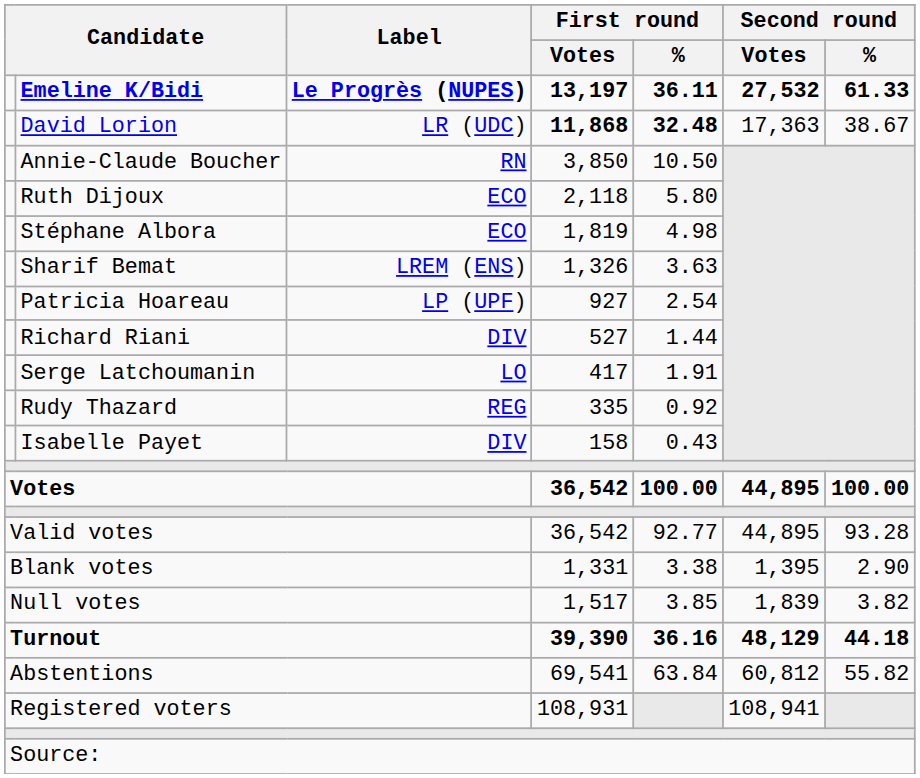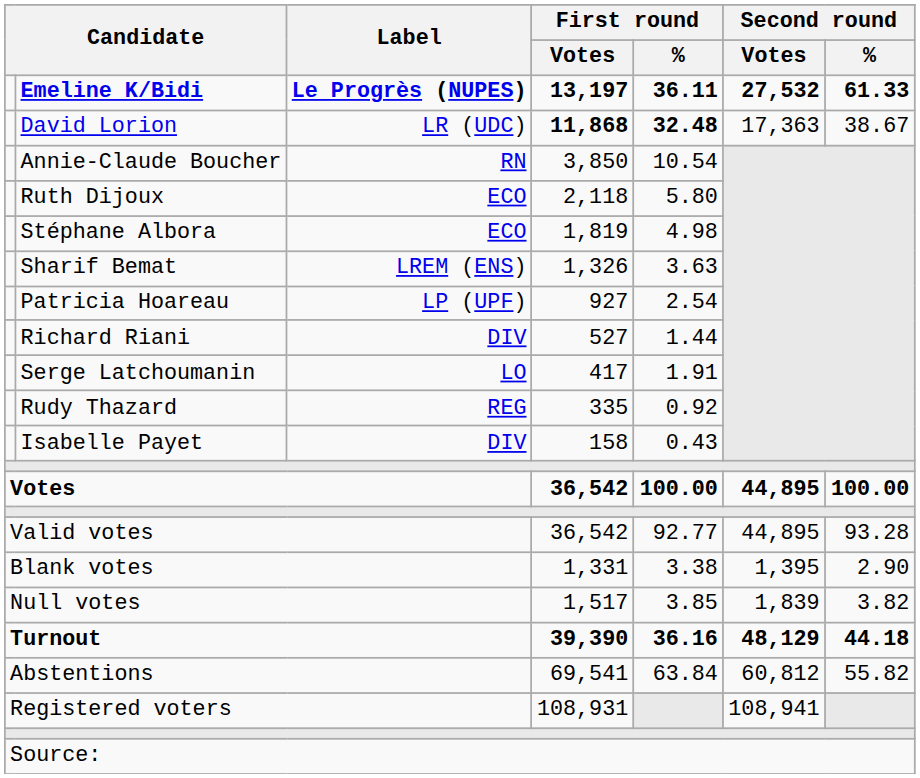 <table class="wikitable" style="text-align:right;font-size:95%;">
 <tr>
 <th rowspan="2" colspan="2">Candidate</th>
 <th rowspan="2">Label</th>
 <th colspan="2">First round</th>
 <th colspan="2">Second round</th>
 </tr>
 <tr>
 <th style="width:50px;">Votes</th>
 <th style="width:45px;">%</th>
 <th style="width:50px;">Votes</th>
 <th style="width:45px;">%</th>
 </tr>
 <tr>
 <td style="color:inherit;background:"></td>
 <td style="text-align:left;"><strong><a href='#'>Emeline K/Bidi</a></strong></td>
 <td><strong><a href='#'>Le Progrès</a> (<a href='#'>NUPES</a>)</strong></td>
 <td><strong>13,197</strong></td>
 <td><strong>36.11</strong></td>
 <td><strong>27,532</strong></td>
 <td><strong>61.33</strong></td>
 </tr>
 <tr>
 <td style="color:inherit;background:"></td>
 <td style="text-align:left;"><a href='#'>David Lorion</a></td>
 <td><a href='#'>LR</a> (<a href='#'>UDC</a>)</td>
 <td><strong>11,868</strong></td>
 <td><strong>32.48</strong></td>
 <td>17,363</td>
 <td>38.67</td>
 </tr>
 <tr>
 <td style="color:inherit;background:"></td>
 <td style="text-align:left;">Annie-Claude Boucher</td>
 <td><a href='#'>RN</a></td>
 <td>3,850</td>
-<td>10.50</td>
+<td>10.54</td>
 <td colspan="2" rowspan="9" style="background:#E9E9E9;"></td>
 </tr>
 <tr>
 <td style="color:inherit;background:"></td>
 <td style="text-align:left;">Ruth Dijoux</td>
 <td><a href='#'>ECO</a></td>
 <td>2,118</td>
 <td>5.80</td>
 </tr>
 <tr>
 <td style="color:inherit;background:"></td>
 <td style="text-align:left;">Stéphane Albora</td>
 <td><a href='#'>ECO</a></td>
 <td>1,819</td>
 <td>4.98</td>
 </tr>
 <tr>
 <td style="color:inherit;background:"></td>
 <td style="text-align:left;">Sharif Bemat</td>
 <td><a href='#'>LREM</a> (<a href='#'>ENS</a>)</td>
 <td>1,326</td>
 <td>3.63</td>
 </tr>
 <tr>
 <td style="color:inherit;background:"></td>
 <td style="text-align:left;">Patricia Hoareau</td>
 <td><a href='#'>LP</a> (<a href='#'>UPF</a>)</td>
 <td>927</td>
 <td>2.54</td>
 </tr>
 <tr>
 <td style="color:inherit;background:"></td>
 <td style="text-align:left;">Richard Riani</td>
 <td><a href='#'>DIV</a></td>
 <td>527</td>
 <td>1.44</td>
 </tr>
 <tr>
 <td style="color:inherit;background:"></td>
 <td style="text-align:left;">Serge Latchoumanin</td>
 <td><a href='#'>LO</a></td>
 <td>417</td>
 <td>1.91</td>
 </tr>
 <tr>
 <td style="color:inherit;background:"></td>
 <td style="text-align:left;">Rudy Thazard</td>
 <td><a href='#'>REG</a></td>
 <td>335</td>
 <td>0.92</td>
 </tr>
 <tr>
 <td style="color:inherit;background:"></td>
 <td style="text-align:left;">Isabelle Payet</td>
 <td><a href='#'>DIV</a></td>
 <td>158</td>
 <td>0.43</td>
 </tr>
 <tr>
 <td colspan="7" style="background:#E9E9E9;"></td>
 </tr>
 <tr style="font-weight:bold;">
 <td colspan="3" style="text-align:left;">Votes</td>
 <td>36,542</td>
 <td>100.00</td>
 <td>44,895</td>
 <td>100.00</td>
 </tr>
 <tr>
 <td colspan="7" style="background:#E9E9E9;"></td>
 </tr>
 <tr>
 <td colspan="3" style="text-align:left;">Valid votes</td>
 <td>36,542</td>
 <td>92.77</td>
 <td>44,895</td>
 <td>93.28</td>
 </tr>
 <tr>
 <td colspan="3" style="text-align:left;">Blank votes</td>
 <td>1,331</td>
 <td>3.38</td>
 <td>1,395</td>
 <td>2.90</td>
 </tr>
 <tr>
 <td colspan="3" style="text-align:left;">Null votes</td>
 <td>1,517</td>
 <td>3.85</td>
 <td>1,839</td>
 <td>3.82</td>
 </tr>
 <tr>
 <td colspan="3" style="text-align:left;"><strong>Turnout</strong></td>
 <td><strong>39,390</strong></td>
 <td><strong>36.16</strong></td>
 <td><strong>48,129</strong></td>
 <td><strong>44.18</strong></td>
 </tr>
 <tr>
 <td colspan="3" style="text-align:left;">Abstentions</td>
 <td>69,541</td>
 <td>63.84</td>
 <td>60,812</td>
 <td>55.82</td>
 </tr>
 <tr>
 <td colspan="3" style="text-align:left;">Registered voters</td>
 <td>108,931</td>
 <td style="background:#E9E9E9;"></td>
 <td>108,941</td>
 <td style="background:#E9E9E9;"></td>
 </tr>
 <tr>
 <td colspan="7" style="background:#E9E9E9;"></td>
 </tr>
 <tr>
 <td colspan="7" style="text-align:left;">Source: </td>
 </tr>
 </table>
